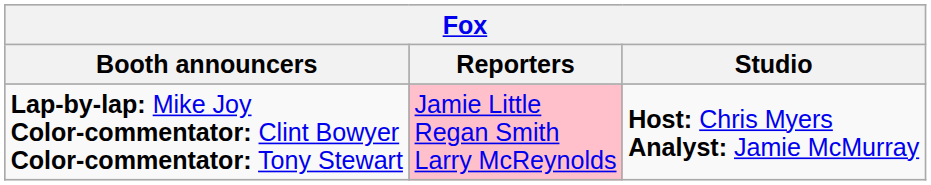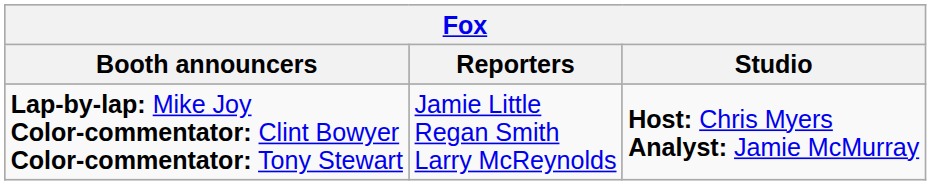 <table class="wikitable" style="font-size: 95%">
 <tr>
 <th colspan="3"><a href='#'>Fox</a></th>
 </tr>
 <tr>
 <th>Booth announcers</th>
 <th>Reporters</th>
 <th>Studio</th>
 </tr>
 <tr>
 <td><strong>Lap-by-lap:</strong> <a href='#'>Mike Joy</a><br><strong>Color-commentator:</strong> <a href='#'>Clint Bowyer</a><br><strong>Color-commentator:</strong> <a href='#'>Tony Stewart</a></td>
-<td style="background: pink;"><a href='#'>Jamie Little</a><br><a href='#'>Regan Smith</a><br><a href='#'>Larry McReynolds</a></td>
+<td><a href='#'>Jamie Little</a><br><a href='#'>Regan Smith</a><br><a href='#'>Larry McReynolds</a></td>
 <td><strong>Host:</strong> <a href='#'>Chris Myers</a><br><strong>Analyst:</strong> <a href='#'>Jamie McMurray</a></td>
 </tr>
 </table>
